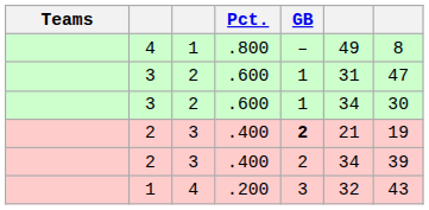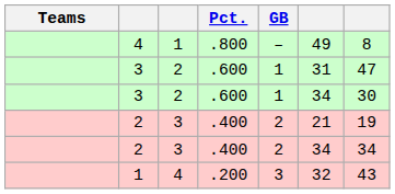 <table class="wikitable" width="50%" style="text-align:center;">
 <tr>
 <th width="20%">Teams</th>
 <th width="7%"></th>
 <th width="7%"></th>
 <th width="8%"><a href='#'>Pct.</a></th>
 <th width="7%"><a href='#'>GB</a></th>
 <th width="8%"></th>
 <th width="8%"></th>
 </tr>
 <tr bgcolor="#cfc">
 <td align=left></td>
 <td>4</td>
 <td>1</td>
 <td>.800</td>
 <td>–</td>
 <td>49</td>
 <td>8</td>
 </tr>
 <tr bgcolor="#cfc">
 <td align=left></td>
 <td>3</td>
 <td>2</td>
 <td>.600</td>
 <td>1</td>
 <td>31</td>
 <td>47</td>
 </tr>
 <tr bgcolor="#cfc">
 <td align=left></td>
 <td>3</td>
 <td>2</td>
 <td>.600</td>
 <td>1</td>
 <td>34</td>
 <td>30</td>
 </tr>
 <tr bgcolor="#fcc">
 <td align=left></td>
 <td>2</td>
 <td>3</td>
 <td>.400</td>
-<td><strong>2</strong></td>
+<td>2</td>
 <td>21</td>
 <td>19</td>
 </tr>
 <tr bgcolor="#fcc">
 <td align=left></td>
 <td>2</td>
 <td>3</td>
 <td>.400</td>
 <td>2</td>
 <td>34</td>
-<td>39</td>
+<td>34</td>
 </tr>
 <tr bgcolor="#fcc">
 <td align=left></td>
 <td>1</td>
 <td>4</td>
 <td>.200</td>
 <td>3</td>
 <td>32</td>
 <td>43</td>
 </tr>
 </table>
